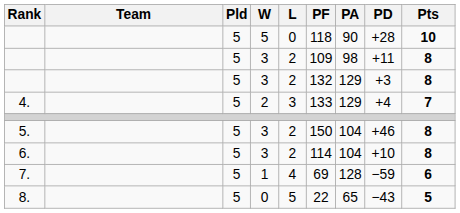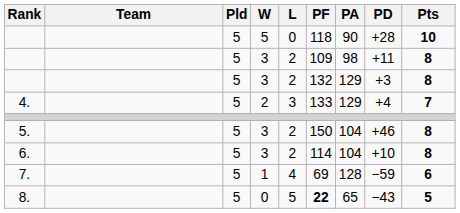 <table class="wikitable" style="text-align:center;">
 <tr>
 <th>Rank</th>
 <th width=200px>Team</th>
 <th width=25px>Pld</th>
 <th width=25px>W</th>
 <th width=25px>L</th>
 <th width=25px>PF</th>
 <th width=25px>PA</th>
 <th width=35px>PD</th>
 <th width=55px>Pts</th>
 </tr>
 <tr>
 <td></td>
 <td align=left></td>
 <td>5</td>
 <td>5</td>
 <td>0</td>
 <td>118</td>
 <td>90</td>
 <td>+28</td>
 <td><strong>10</strong></td>
 </tr>
 <tr>
 <td></td>
 <td align=left></td>
 <td>5</td>
 <td>3</td>
 <td>2</td>
 <td>109</td>
 <td>98</td>
 <td>+11</td>
 <td><strong>8</strong></td>
 </tr>
 <tr>
 <td></td>
 <td align=left></td>
 <td>5</td>
 <td>3</td>
 <td>2</td>
 <td>132</td>
 <td>129</td>
 <td>+3</td>
 <td><strong>8</strong></td>
 </tr>
 <tr>
 <td>4.</td>
 <td align=left></td>
 <td>5</td>
 <td>2</td>
 <td>3</td>
 <td>133</td>
 <td>129</td>
 <td>+4</td>
 <td><strong>7</strong></td>
 </tr>
 <tr>
 <td colspan=10 height=1px bgcolor=lightgrey></td>
 </tr>
 <tr>
 <td>5.</td>
 <td align=left></td>
 <td>5</td>
 <td>3</td>
 <td>2</td>
 <td>150</td>
 <td>104</td>
 <td>+46</td>
 <td><strong>8</strong></td>
 </tr>
 <tr>
 <td>6.</td>
 <td align=left></td>
 <td>5</td>
 <td>3</td>
 <td>2</td>
 <td>114</td>
 <td>104</td>
 <td>+10</td>
 <td><strong>8</strong></td>
 </tr>
 <tr>
 <td>7.</td>
 <td align=left></td>
 <td>5</td>
 <td>1</td>
 <td>4</td>
 <td>69</td>
 <td>128</td>
 <td>−59</td>
 <td><strong>6</strong></td>
 </tr>
 <tr>
 <td>8.</td>
 <td align=left></td>
 <td>5</td>
 <td>0</td>
 <td>5</td>
-<td>22</td>
+<td><strong>22</strong></td>
 <td>65</td>
 <td>−43</td>
 <td><strong>5</strong></td>
 </tr>
 </table>
